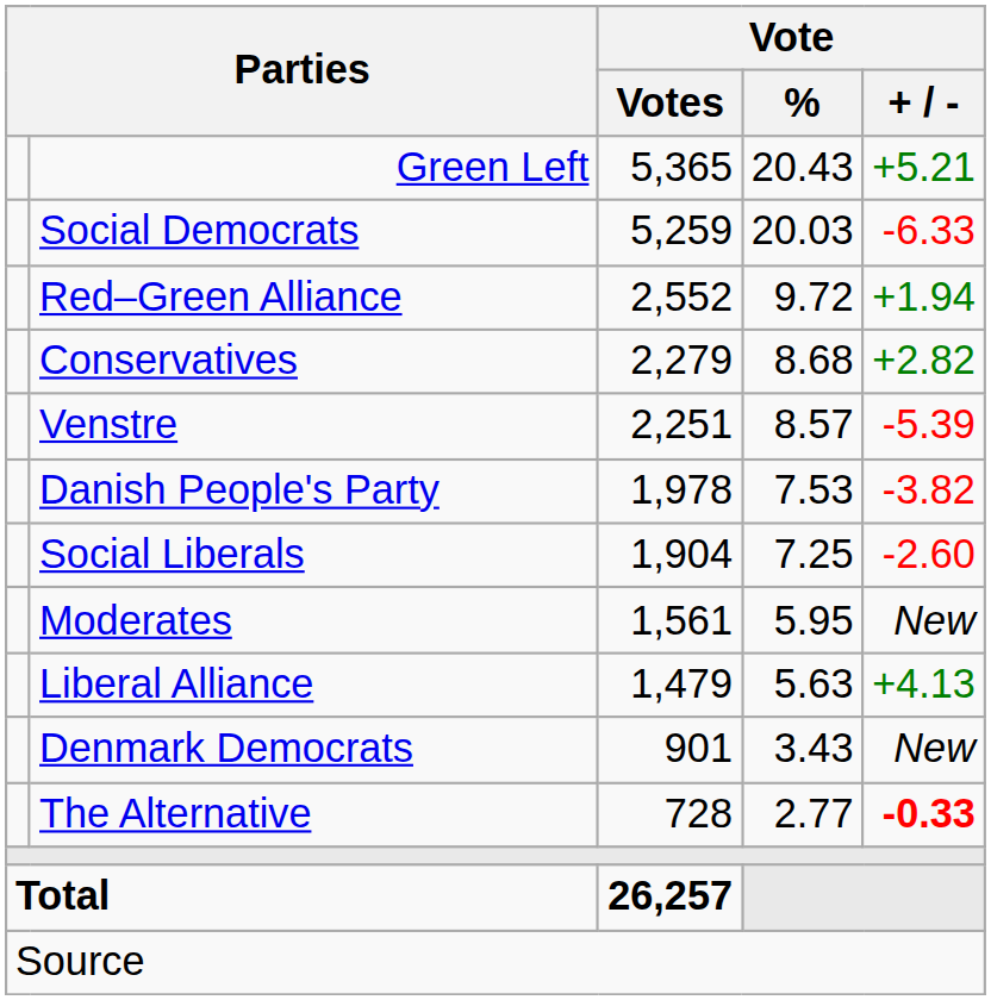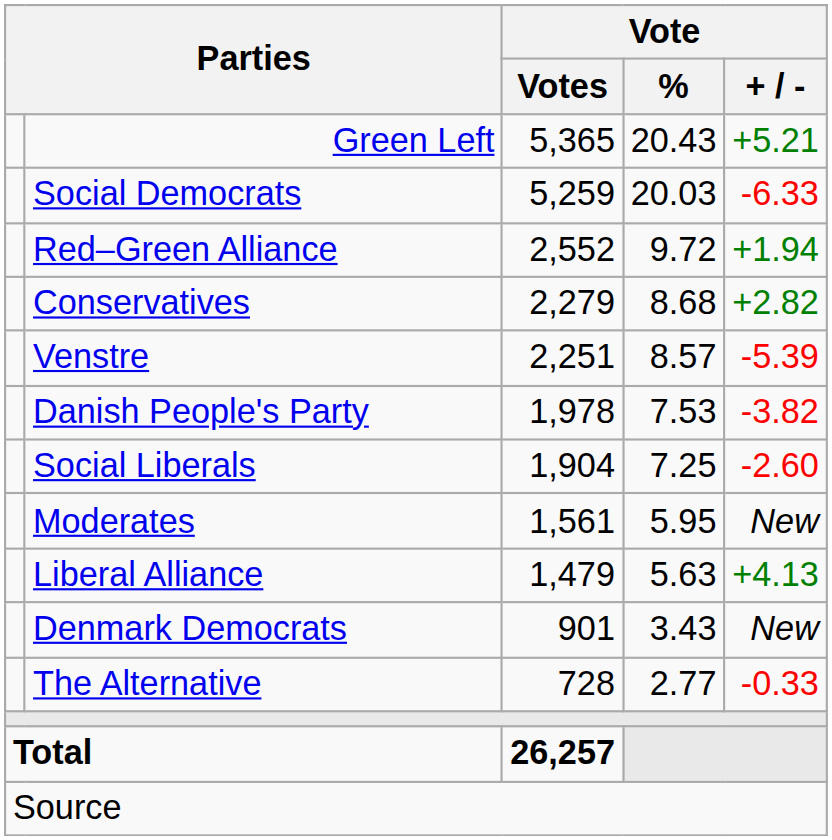 <table class="wikitable" style="text-align:right;">
 <tr>
 <th style="text-align:centre;" rowspan="2" colspan="2" width="225">Parties</th>
 <th colspan="3">Vote</th>
 </tr>
 <tr>
 <th width="15">Votes</th>
 <th width="15">%</th>
 <th width="15">+ / -</th>
 </tr>
 <tr>
 <td width=2 bgcolor=></td>
 <td><a href='#'>Green Left</a></td>
 <td>5,365</td>
 <td>20.43</td>
 <td style=color:green;>+5.21</td>
 </tr>
 <tr>
 <td width=2 bgcolor=></td>
 <td align=left><a href='#'>Social Democrats</a></td>
 <td>5,259</td>
 <td>20.03</td>
 <td style=color:red;>-6.33</td>
 </tr>
 <tr>
 <td width=2 bgcolor=></td>
 <td align=left><a href='#'>Red–Green Alliance</a></td>
 <td>2,552</td>
 <td>9.72</td>
 <td style=color:green;>+1.94</td>
 </tr>
 <tr>
 <td width=2 bgcolor=></td>
 <td align=left><a href='#'>Conservatives</a></td>
 <td>2,279</td>
 <td>8.68</td>
 <td style=color:green;>+2.82</td>
 </tr>
 <tr>
 <td width=2 bgcolor=></td>
 <td align=left><a href='#'>Venstre</a></td>
 <td>2,251</td>
 <td>8.57</td>
 <td style=color:red;>-5.39</td>
 </tr>
 <tr>
 <td width=2 bgcolor=></td>
 <td align=left><a href='#'>Danish People's Party</a></td>
 <td>1,978</td>
 <td>7.53</td>
 <td style=color:red;>-3.82</td>
 </tr>
 <tr>
 <td width=2 bgcolor=></td>
 <td align=left><a href='#'>Social Liberals</a></td>
 <td>1,904</td>
 <td>7.25</td>
 <td style=color:red;>-2.60</td>
 </tr>
 <tr>
 <td width=2 bgcolor=></td>
 <td align=left><a href='#'>Moderates</a></td>
 <td>1,561</td>
 <td>5.95</td>
 <td><em>New</em></td>
 </tr>
 <tr>
 <td width=2 bgcolor=></td>
 <td align=left><a href='#'>Liberal Alliance</a></td>
 <td>1,479</td>
 <td>5.63</td>
 <td style=color:green;>+4.13</td>
 </tr>
 <tr>
 <td width=2 bgcolor=></td>
 <td align=left><a href='#'>Denmark Democrats</a></td>
 <td>901</td>
 <td>3.43</td>
 <td><em>New</em></td>
 </tr>
 <tr>
 <td width=2 bgcolor=></td>
 <td align=left><a href='#'>The Alternative</a></td>
 <td>728</td>
 <td>2.77</td>
-<td style=color:red;><strong>-0.33</strong></td>
+<td style=color:red;>-0.33</td>
 </tr>
 <tr>
 <td colspan="7" bgcolor="#E9E9E9"></td>
 </tr>
 <tr>
 <td align="left" colspan="2"><strong>Total</strong></td>
 <td><strong>26,257</strong></td>
 <td bgcolor=#E9E9E9 colspan=2></td>
 </tr>
 <tr>
 <td align="left" colspan="6">Source</td>
 </tr>
 </table>
